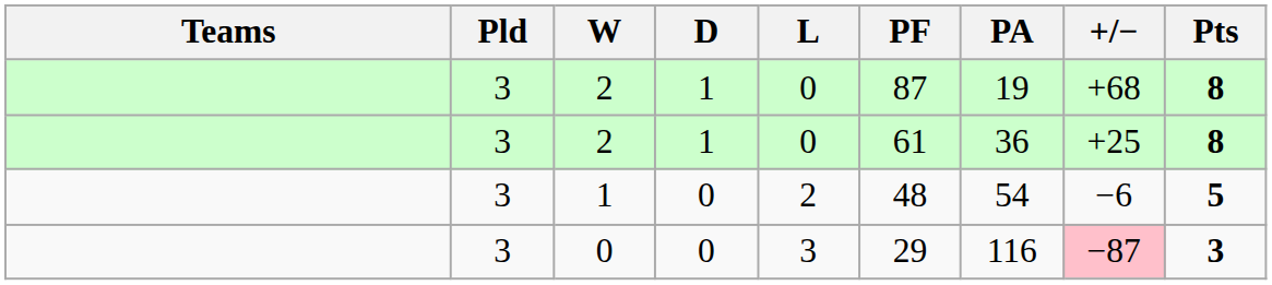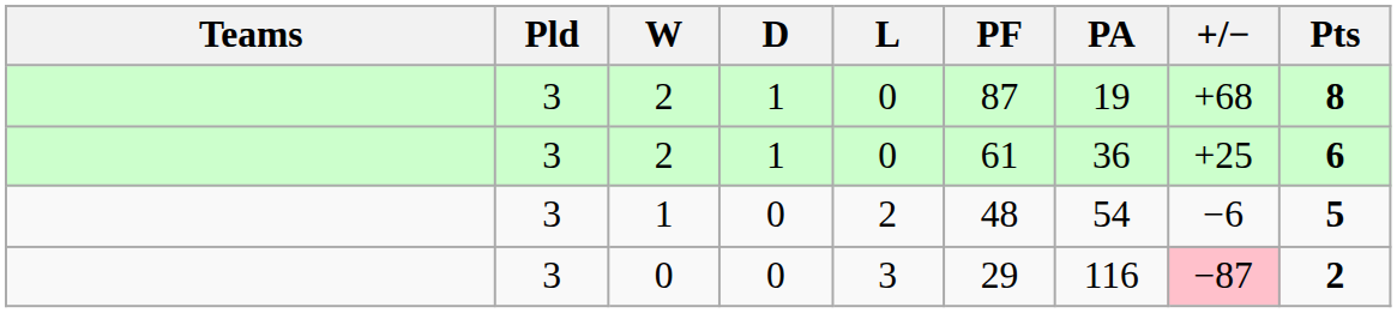 <table class="wikitable" style="text-align: center;">
 <tr>
 <th width="200">Teams</th>
 <th width="40">Pld</th>
 <th width="40">W</th>
 <th width="40">D</th>
 <th width="40">L</th>
 <th width="40">PF</th>
 <th width="40">PA</th>
 <th width="40">+/−</th>
 <th width="40">Pts</th>
 </tr>
 <tr bgcolor=ccffcc>
 <td align=left></td>
 <td>3</td>
 <td>2</td>
 <td>1</td>
 <td>0</td>
 <td>87</td>
 <td>19</td>
 <td>+68</td>
 <td><strong>8</strong></td>
 </tr>
 <tr bgcolor=ccffcc>
 <td align=left></td>
 <td>3</td>
 <td>2</td>
 <td>1</td>
 <td>0</td>
 <td>61</td>
 <td>36</td>
 <td>+25</td>
-<td><strong>8</strong></td>
+<td><strong>6</strong></td>
 </tr>
 <tr>
 <td align=left></td>
 <td>3</td>
 <td>1</td>
 <td>0</td>
 <td>2</td>
 <td>48</td>
 <td>54</td>
 <td>−6</td>
 <td><strong>5</strong></td>
 </tr>
 <tr>
 <td align=left></td>
 <td>3</td>
 <td>0</td>
 <td>0</td>
 <td>3</td>
 <td>29</td>
 <td>116</td>
 <td style="background: pink;">−87</td>
-<td><strong>3</strong></td>
+<td><strong>2</strong></td>
 </tr>
 </table>
